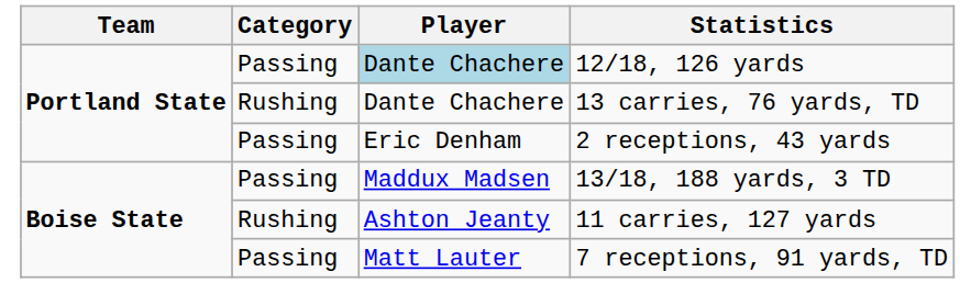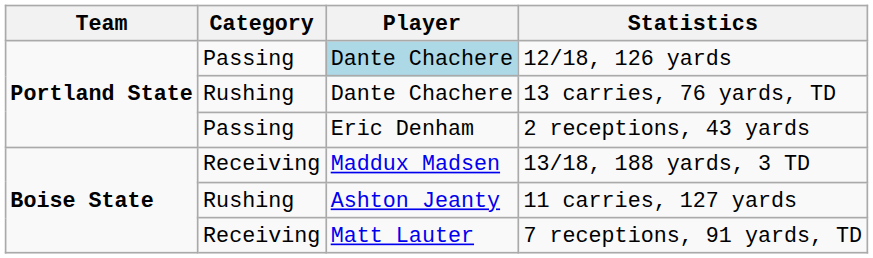 <table class="wikitable" style="float: right;">
 <tr>
 <th>Team</th>
 <th>Category</th>
 <th>Player</th>
 <th>Statistics</th>
 </tr>
 <tr>
 <td rowspan=3><strong>Portland State</strong></td>
 <td>Passing</td>
 <td style="background: lightblue;">Dante Chachere</td>
 <td>12/18, 126 yards</td>
 </tr>
 <tr>
 <td>Rushing</td>
 <td>Dante Chachere</td>
 <td>13 carries, 76 yards, TD</td>
 </tr>
 <tr>
 <td>Passing</td>
 <td>Eric Denham</td>
 <td>2 receptions, 43 yards</td>
 </tr>
 <tr>
 <td rowspan=3><strong>Boise State</strong></td>
-<td>Passing</td>
+<td>Receiving</td>
 <td><a href='#'>Maddux Madsen</a></td>
 <td>13/18, 188 yards, 3 TD</td>
 </tr>
 <tr>
 <td>Rushing</td>
 <td><a href='#'>Ashton Jeanty</a></td>
 <td>11 carries, 127 yards</td>
 </tr>
 <tr>
-<td>Passing</td>
+<td>Receiving</td>
 <td><a href='#'>Matt Lauter</a></td>
 <td>7 receptions, 91 yards, TD</td>
 </tr>
 </table>
